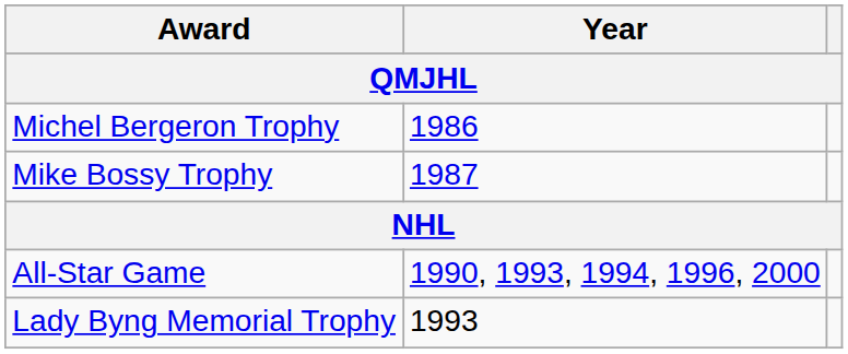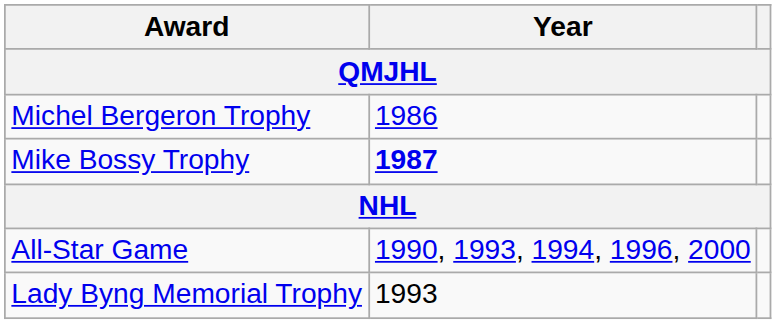 <table class="wikitable">
 <tr>
 <th>Award</th>
 <th>Year</th>
 <th></th>
 </tr>
 <tr>
 <th colspan="3"><a href='#'>QMJHL</a></th>
 </tr>
 <tr>
 <td><a href='#'>Michel Bergeron Trophy</a></td>
 <td><a href='#'>1986</a></td>
 <td></td>
 </tr>
 <tr>
 <td><a href='#'>Mike Bossy Trophy</a></td>
-<td><a href='#'>1987</a></td>
+<td><strong><a href='#'>1987</a></strong></td>
 <td></td>
 </tr>
 <tr>
 <th colspan="3"><a href='#'>NHL</a></th>
 </tr>
 <tr>
 <td><a href='#'>All-Star Game</a></td>
 <td><a href='#'>1990</a>, <a href='#'>1993</a>, <a href='#'>1994</a>, <a href='#'>1996</a>, <a href='#'>2000</a></td>
 <td></td>
 </tr>
 <tr>
 <td><a href='#'>Lady Byng Memorial Trophy</a></td>
 <td>1993</td>
 <td></td>
 </tr>
 </table>
